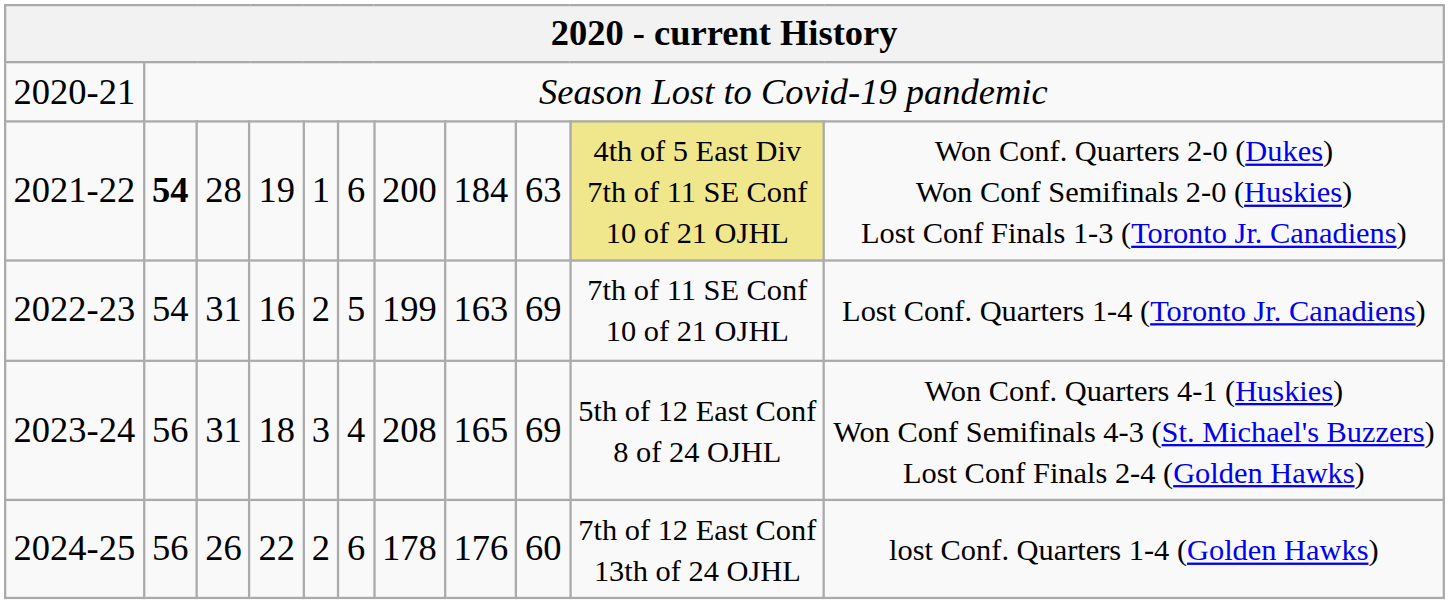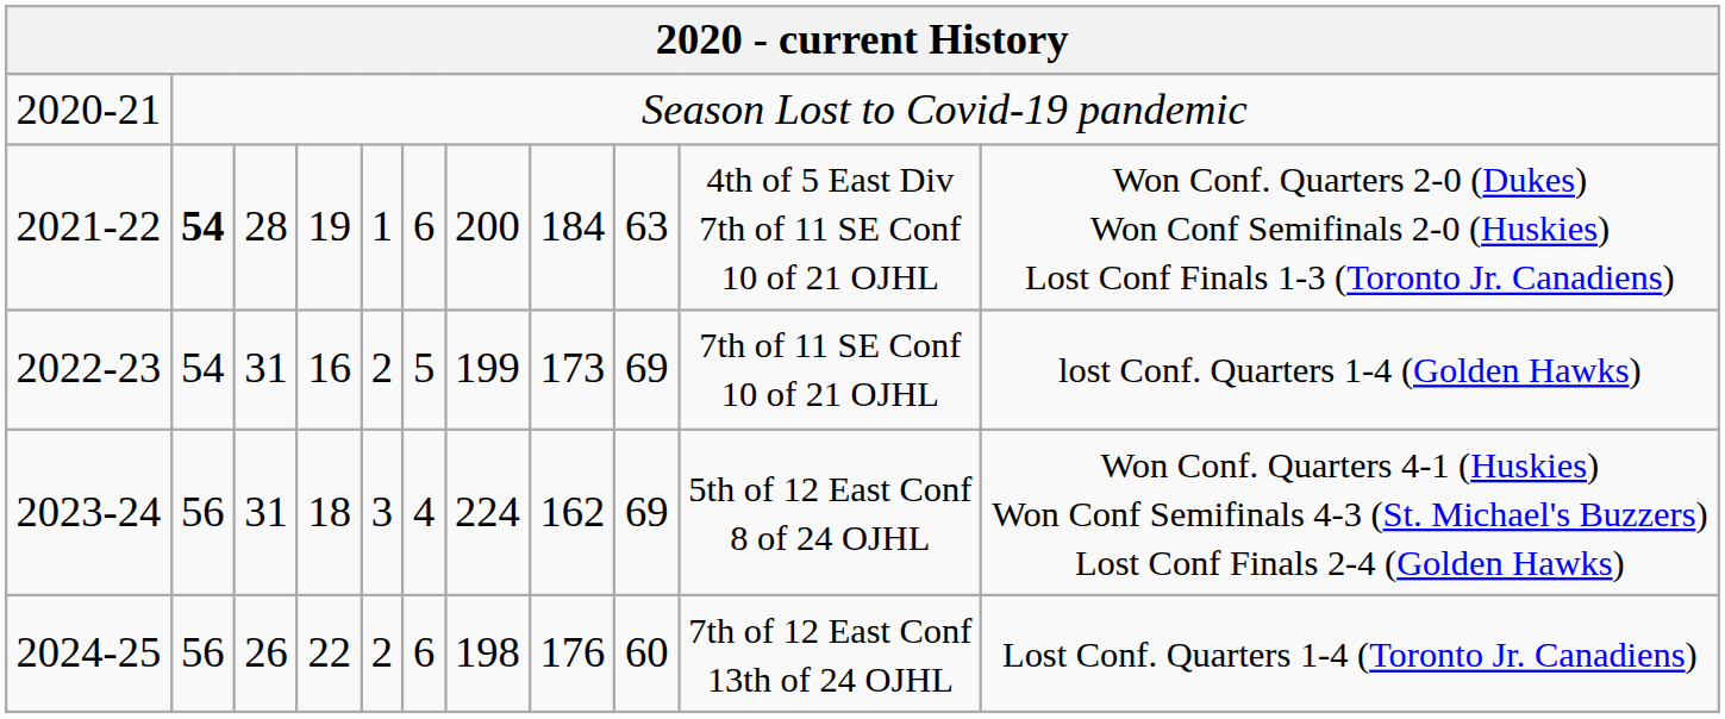 <table class="wikitable " style="text-align:center;">
 <tr>
 <th colspan=12 bgcolor="#822433" text_color=white>2020 - current History</th>
 </tr>
 <tr align="center">
 <td>2020-21</td>
 <td colspan=10><em>Season Lost to Covid-19 pandemic</em></td>
 </tr>
 <tr align="center">
 <td>2021-22</td>
 <td><strong>54</strong></td>
 <td>28</td>
 <td>19</td>
 <td>1</td>
 <td>6</td>
 <td>200</td>
 <td>184</td>
 <td>63</td>
-<td style="background: khaki;"><small>4th of 5 East Div<br>7th of 11 SE Conf<br>10 of 21 OJHL</small></td>
+<td><small>4th of 5 East Div<br>7th of 11 SE Conf<br>10 of 21 OJHL</small></td>
 <td><small>Won Conf. Quarters 2-0 (<a href='#'>Dukes</a>)<br>Won Conf Semifinals 2-0 (<a href='#'>Huskies</a>)<br>Lost Conf Finals 1-3 (<a href='#'>Toronto Jr. Canadiens</a>)</small></td>
 </tr>
 <tr align="center">
 <td>2022-23</td>
 <td>54</td>
 <td>31</td>
 <td>16</td>
 <td>2</td>
 <td>5</td>
 <td>199</td>
-<td>163</td>
+<td>173</td>
 <td>69</td>
 <td><small>7th of 11 SE Conf<br>10 of 21 OJHL</small></td>
-<td><small>Lost Conf. Quarters 1-4 (<a href='#'>Toronto Jr. Canadiens</a>)</small></td>
+<td><small>lost Conf. Quarters 1-4 (<a href='#'>Golden Hawks</a>)</small></td>
 </tr>
 <tr align="center">
 <td>2023-24</td>
 <td>56</td>
 <td>31</td>
 <td>18</td>
 <td>3</td>
 <td>4</td>
-<td>208</td>
-<td>165</td>
+<td>224</td>
+<td>162</td>
 <td>69</td>
 <td><small>5th of 12 East Conf<br>8 of 24 OJHL</small></td>
 <td><small>Won Conf. Quarters 4-1 (<a href='#'>Huskies</a>)<br>Won Conf Semifinals 4-3 (<a href='#'>St. Michael's Buzzers</a>)<br>Lost Conf Finals 2-4 (<a href='#'>Golden Hawks</a>)</small></td>
 </tr>
 <tr align="center">
 <td>2024-25</td>
 <td>56</td>
 <td>26</td>
 <td>22</td>
 <td>2</td>
 <td>6</td>
-<td>178</td>
+<td>198</td>
 <td>176</td>
 <td>60</td>
 <td><small>7th of 12 East Conf<br>13th of 24 OJHL</small></td>
-<td><small>lost Conf. Quarters 1-4 (<a href='#'>Golden Hawks</a>)</small></td>
+<td><small>Lost Conf. Quarters 1-4 (<a href='#'>Toronto Jr. Canadiens</a>)</small></td>
 </tr>
 </table>
